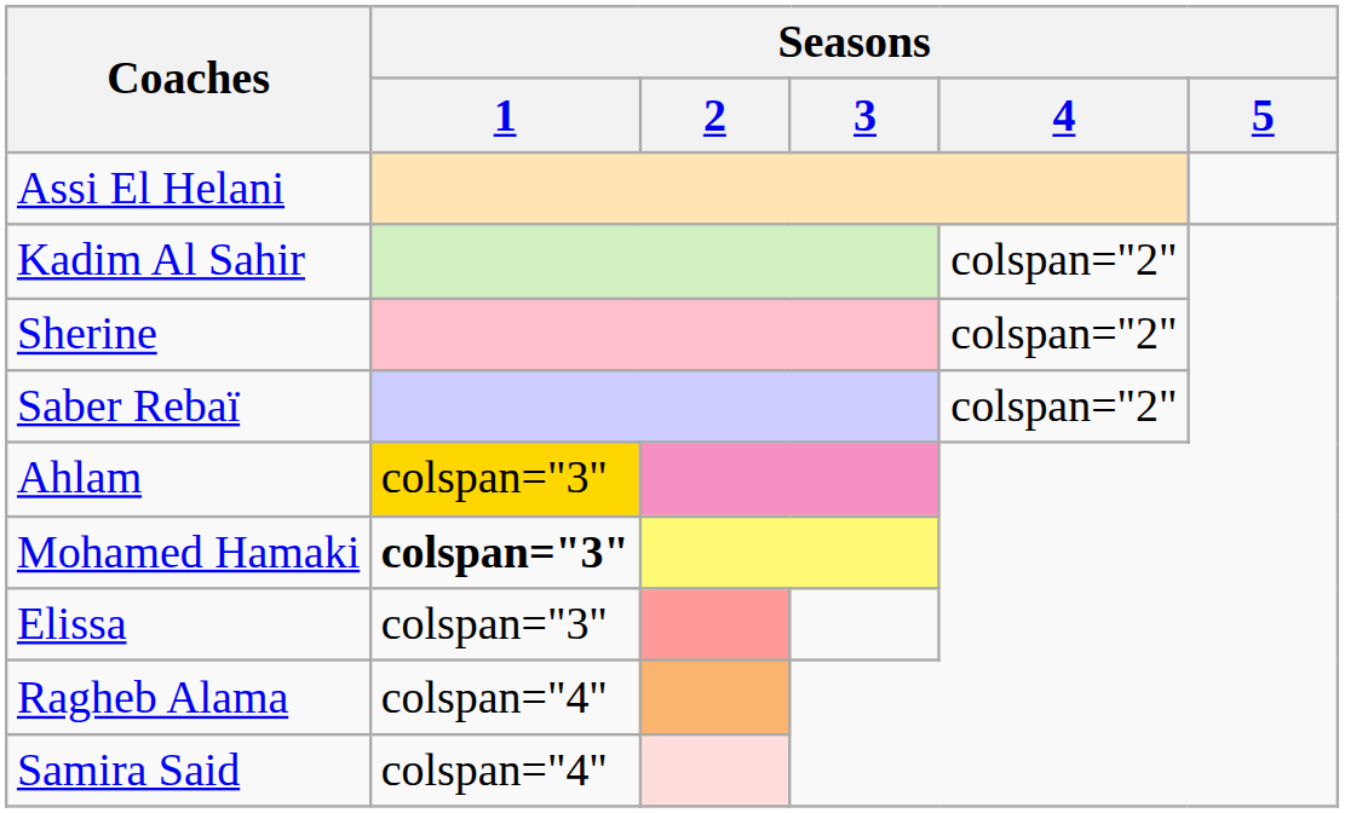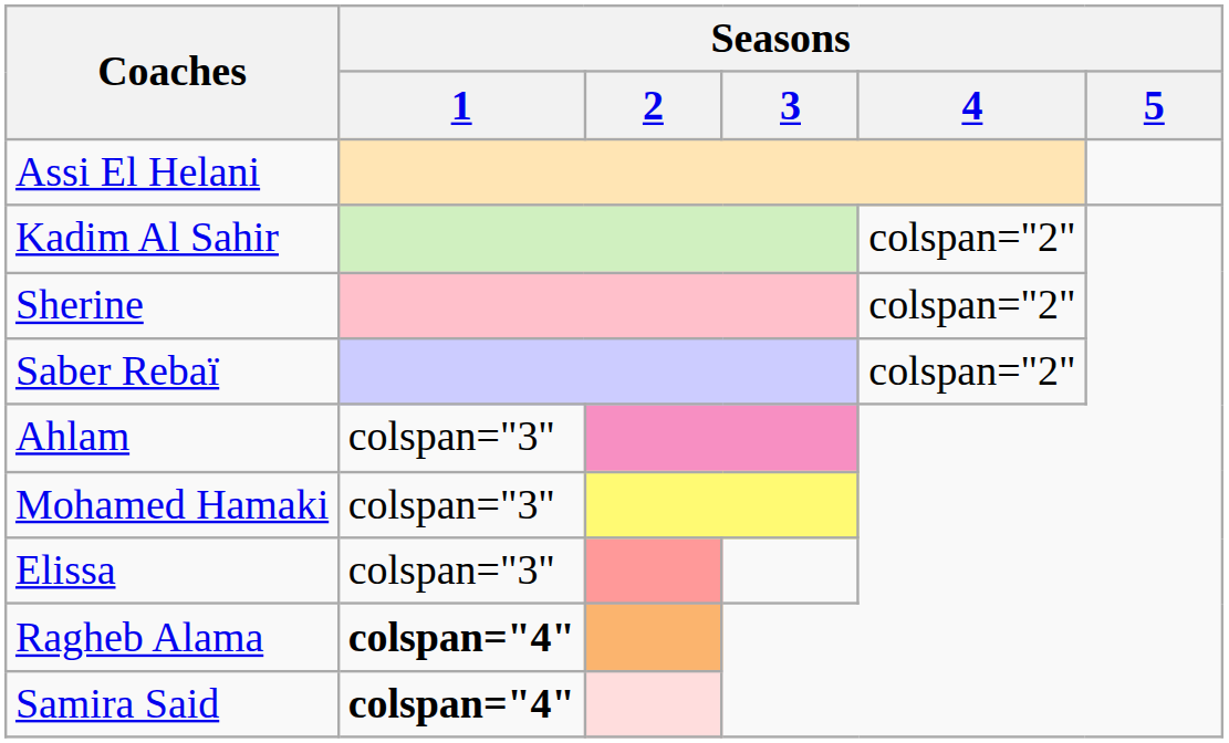 <table class="wikitable">
 <tr>
 <th rowspan="2">Coaches</th>
 <th colspan="5">Seasons</th>
 </tr>
 <tr>
 <th width="45"><a href='#'>1</a></th>
 <th width="45"><a href='#'>2</a></th>
 <th width="45"><a href='#'>3</a></th>
 <th width="45"><a href='#'>4</a></th>
 <th width="45"><a href='#'>5</a></th>
 </tr>
 <tr>
 <td><a href='#'>Assi El Helani</a></td>
 <td colspan="4" style="background:#ffe5b4"></td>
 <td></td>
 </tr>
 <tr>
 <td><a href='#'>Kadim Al Sahir</a></td>
 <td colspan="3" style="background:#d0f0c0"></td>
 <td>colspan="2" </td>
 </tr>
 <tr>
 <td><a href='#'>Sherine</a></td>
 <td colspan="3" style="background:pink"></td>
 <td>colspan="2" </td>
 </tr>
 <tr>
 <td><a href='#'>Saber Rebaï</a></td>
 <td colspan="3" style="background:#ccf"></td>
 <td>colspan="2" </td>
 </tr>
 <tr>
 <td><a href='#'>Ahlam</a></td>
-<td style="background: gold;">colspan="3" </td>
+<td>colspan="3" </td>
 <td colspan="2" style="background:#F78FC2"></td>
 </tr>
 <tr>
 <td><a href='#'>Mohamed Hamaki</a></td>
-<td><strong>colspan="3" </strong></td>
+<td>colspan="3" </td>
 <td colspan="2" style="background:#fffa73"></td>
 </tr>
 <tr>
 <td><a href='#'>Elissa</a></td>
 <td>colspan="3" </td>
 <td style="background:#ff9999"></td>
 <td></td>
 </tr>
 <tr>
 <td><a href='#'>Ragheb Alama</a></td>
-<td>colspan="4" </td>
+<td><strong>colspan="4" </strong></td>
 <td style="background:#fbb46e"></td>
 </tr>
 <tr>
 <td><a href='#'>Samira Said</a></td>
-<td>colspan="4" </td>
+<td><strong>colspan="4" </strong></td>
 <td style="background:#ffdddd"></td>
 </tr>
 </table>
